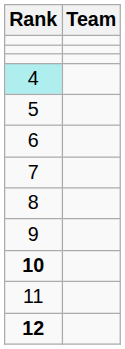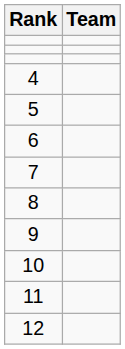 <table class="wikitable sortable">
 <tr>
 <th>Rank</th>
 <th>Team</th>
 </tr>
 <tr>
 <td style="text-align: center;"></td>
 <td></td>
 </tr>
 <tr>
 <td style="text-align: center;"></td>
 <td></td>
 </tr>
 <tr>
 <td style="text-align: center;"></td>
 <td></td>
 </tr>
 <tr>
-<td style="background: paleturquoise; text-align: center;">4</td>
+<td style="text-align: center;">4</td>
 <td></td>
 </tr>
 <tr>
 <td style="text-align: center;">5</td>
 <td></td>
 </tr>
 <tr>
 <td style="text-align: center;">6</td>
 <td></td>
 </tr>
 <tr>
 <td style="text-align: center;">7</td>
 <td></td>
 </tr>
 <tr>
 <td style="text-align: center;">8</td>
 <td></td>
 </tr>
 <tr>
 <td style="text-align: center;">9</td>
 <td></td>
 </tr>
 <tr>
-<td style="text-align: center;"><strong>10</strong></td>
+<td style="text-align: center;">10</td>
 <td></td>
 </tr>
 <tr>
 <td style="text-align: center;">11</td>
 <td></td>
 </tr>
 <tr>
-<td style="text-align: center;"><strong>12</strong></td>
+<td style="text-align: center;">12</td>
 <td></td>
 </tr>
 </table>
